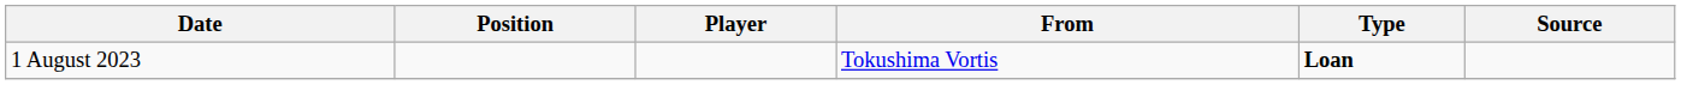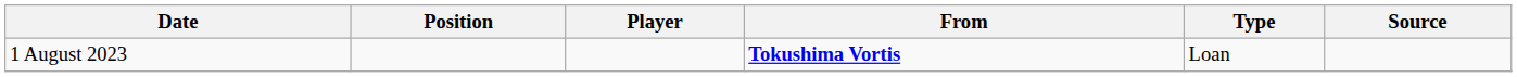 <table class="wikitable sortable" style="width:90%; text-align:center; font-size:95%; text-align:left;">
 <tr>
 <th>Date</th>
 <th>Position</th>
 <th>Player</th>
 <th>From</th>
 <th>Type</th>
 <th>Source</th>
 </tr>
 <tr>
 <td>1 August 2023</td>
 <td></td>
 <td></td>
-<td> <a href='#'>Tokushima Vortis</a></td>
-<td><strong>Loan</strong></td>
+<td><strong> <a href='#'>Tokushima Vortis</a></strong></td>
+<td>Loan</td>
 <td></td>
 </tr>
 <tr>
 </tr>
 </table>
